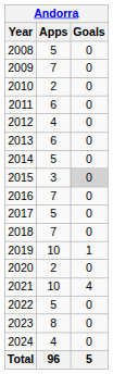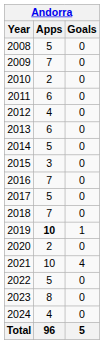 <table class="wikitable" style="text-align:center">
 <tr>
 <th colspan=3><a href='#'>Andorra</a></th>
 </tr>
 <tr>
 <th>Year</th>
 <th>Apps</th>
 <th>Goals</th>
 </tr>
 <tr>
 <td>2008</td>
 <td>5</td>
 <td>0</td>
 </tr>
 <tr>
 <td>2009</td>
 <td>7</td>
 <td>0</td>
 </tr>
 <tr>
 <td>2010</td>
 <td>2</td>
 <td>0</td>
 </tr>
 <tr>
 <td>2011</td>
 <td>6</td>
 <td>0</td>
 </tr>
 <tr>
 <td>2012</td>
 <td>4</td>
 <td>0</td>
 </tr>
 <tr>
 <td>2013</td>
 <td>6</td>
 <td>0</td>
 </tr>
 <tr>
 <td>2014</td>
 <td>5</td>
 <td>0</td>
 </tr>
 <tr>
 <td>2015</td>
 <td>3</td>
-<td style="background: lightgrey;">0</td>
+<td>0</td>
 </tr>
 <tr>
 <td>2016</td>
 <td>7</td>
 <td>0</td>
 </tr>
 <tr>
 <td>2017</td>
 <td>5</td>
 <td>0</td>
 </tr>
 <tr>
 <td>2018</td>
 <td>7</td>
 <td>0</td>
 </tr>
 <tr>
 <td>2019</td>
-<td>10</td>
+<td><strong>10</strong></td>
 <td>1</td>
 </tr>
 <tr>
 <td>2020</td>
 <td>2</td>
 <td>0</td>
 </tr>
 <tr>
 <td>2021</td>
 <td>10</td>
 <td>4</td>
 </tr>
 <tr>
 <td>2022</td>
 <td>5</td>
 <td>0</td>
 </tr>
 <tr>
 <td>2023</td>
 <td>8</td>
 <td>0</td>
 </tr>
 <tr>
 <td>2024</td>
 <td>4</td>
 <td>0</td>
 </tr>
 <tr>
 <th>Total</th>
 <th>96</th>
 <th>5</th>
 </tr>
 </table>
